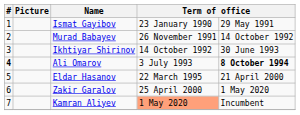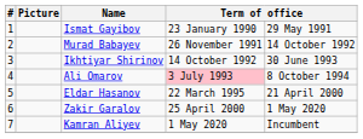 <table class=wikitable>
 <tr>
 <th>#</th>
 <th>Picture</th>
 <th>Name</th>
 <th colspan="2">Term of office</th>
 </tr>
 <tr>
 <td>1</td>
 <td></td>
 <td nowrap><a href='#'>Ismat Gayibov</a></td>
 <td>23 January 1990</td>
 <td>29 May 1991</td>
 </tr>
 <tr>
 <td>2</td>
 <td></td>
 <td nowrap><a href='#'>Murad Babayev</a></td>
 <td>26 November 1991</td>
 <td>14 October 1992</td>
 </tr>
 <tr>
 <td>3</td>
 <td></td>
 <td nowrap><a href='#'>Ikhtiyar Shirinov</a></td>
 <td>14 October 1992</td>
 <td>30 June 1993</td>
 </tr>
 <tr>
-<td><strong>4</strong></td>
+<td>4</td>
 <td></td>
 <td nowrap><a href='#'>Ali Omarov</a></td>
-<td>3 July 1993</td>
-<td><strong>8 October 1994</strong></td>
+<td style="background: pink;">3 July 1993</td>
+<td>8 October 1994</td>
 </tr>
 <tr>
 <td>5</td>
 <td></td>
 <td nowrap><a href='#'>Eldar Hasanov</a></td>
 <td>22 March 1995</td>
 <td>21 April 2000</td>
 </tr>
 <tr>
 <td>6</td>
 <td></td>
 <td nowrap><a href='#'>Zakir Garalov</a></td>
 <td>25 April 2000</td>
 <td>1 May 2020</td>
 </tr>
 <tr>
 <td>7</td>
 <td></td>
 <td nowrap><a href='#'>Kamran Aliyev</a></td>
-<td style="background: lightsalmon;">1 May 2020</td>
+<td>1 May 2020</td>
 <td>Incumbent</td>
 </tr>
 <tr>
 </tr>
 </table>
